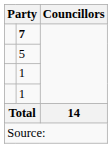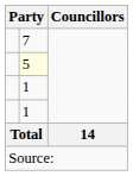 <table class="wikitable">
 <tr>
 <th colspan=2>Party</th>
 <th>Councillors</th>
 </tr>
 <tr>
 <td></td>
-<td><strong>7</strong></td>
+<td>7</td>
 </tr>
 <tr>
 <td></td>
-<td>5</td>
+<td style="background: lightyellow;">5</td>
 </tr>
 <tr>
 <td></td>
 <td>1</td>
 </tr>
 <tr>
 <td></td>
 <td>1</td>
 </tr>
 <tr>
 <th colspan=2>Total</th>
 <th>14</th>
 </tr>
 <tr>
 <td colspan=3>Source:</td>
 </tr>
 </table>
